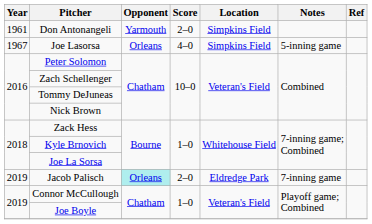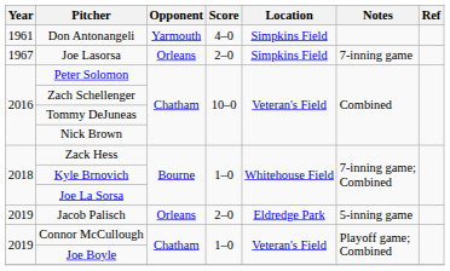 <table class="wikitable" style="text-align:center">
 <tr>
 <th scope="col">Year</th>
 <th scope="col">Pitcher</th>
 <th scope="col">Opponent</th>
 <th scope="col">Score</th>
 <th scope="col">Location</th>
 <th scope="col">Notes</th>
 <th scope="col">Ref</th>
 </tr>
 <tr>
 <td>1961</td>
 <td>Don Antonangeli</td>
 <td><a href='#'>Yarmouth</a></td>
-<td>2–0</td>
+<td>4–0</td>
 <td><a href='#'>Simpkins Field</a></td>
 <td></td>
 <td></td>
 </tr>
 <tr>
 <td>1967</td>
 <td>Joe Lasorsa</td>
 <td><a href='#'>Orleans</a></td>
-<td>4–0</td>
+<td>2–0</td>
 <td><a href='#'>Simpkins Field</a></td>
-<td style="text-align:left">5-inning game</td>
+<td style="text-align:left">7-inning game</td>
 <td></td>
 </tr>
 <tr>
 <td rowspan="4">2016</td>
 <td><a href='#'>Peter Solomon</a></td>
 <td rowspan="4"><a href='#'>Chatham</a></td>
 <td rowspan="4">10–0</td>
 <td rowspan="4"><a href='#'>Veteran's Field</a></td>
 <td style="text-align:left" rowspan="4">Combined</td>
 <td rowspan="4"></td>
 </tr>
 <tr>
 <td>Zach Schellenger</td>
 </tr>
 <tr>
 <td>Tommy DeJuneas</td>
 </tr>
 <tr>
 <td>Nick Brown</td>
 </tr>
 <tr>
 <td rowspan="3">2018</td>
 <td>Zack Hess</td>
 <td rowspan="3"><a href='#'>Bourne</a></td>
 <td rowspan="3">1–0</td>
 <td rowspan="3"><a href='#'>Whitehouse Field</a></td>
 <td style="text-align:left" rowspan="3">7-inning game; <br>Combined</td>
 <td rowspan="3"></td>
 </tr>
 <tr>
 <td><a href='#'>Kyle Brnovich</a></td>
 </tr>
 <tr>
 <td><a href='#'>Joe La Sorsa</a></td>
 </tr>
 <tr>
 <td>2019</td>
 <td>Jacob Palisch</td>
-<td style="background: paleturquoise;"><a href='#'>Orleans</a></td>
+<td><a href='#'>Orleans</a></td>
 <td>2–0</td>
 <td><a href='#'>Eldredge Park</a></td>
-<td style="text-align:left">7-inning game</td>
+<td style="text-align:left">5-inning game</td>
 <td></td>
 </tr>
 <tr>
 <td rowspan="2">2019</td>
 <td>Connor McCullough</td>
 <td rowspan="2"><a href='#'>Chatham</a></td>
 <td rowspan="2">1–0</td>
 <td rowspan="2"><a href='#'>Veteran's Field</a></td>
 <td style="text-align:left" rowspan="2">Playoff game; <br>Combined</td>
 <td rowspan="2"></td>
 </tr>
 <tr>
 <td><a href='#'>Joe Boyle</a></td>
 </tr>
 <tr>
 </tr>
 </table>
